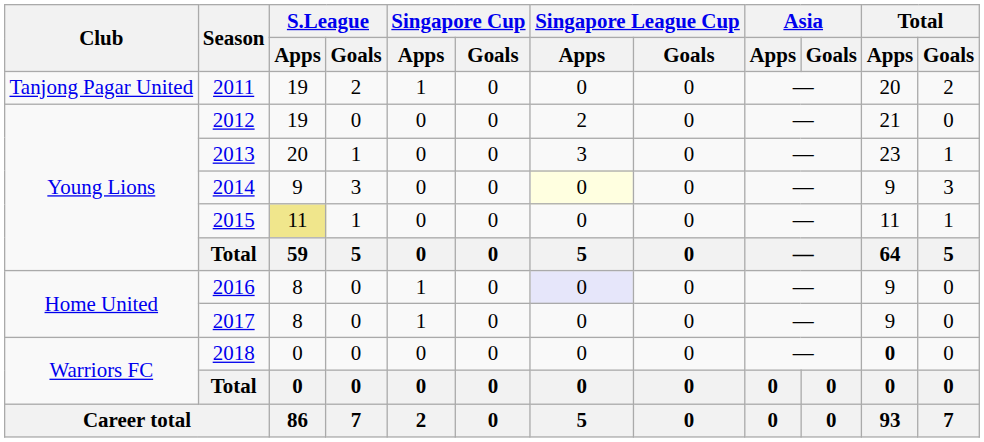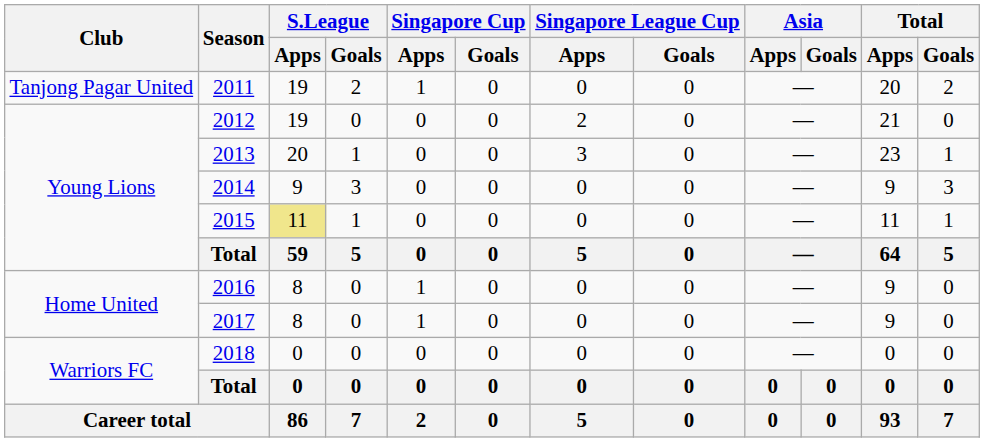 <table style="text-align:center" class="wikitable">
 <tr>
 <th rowspan="2">Club</th>
 <th rowspan="2">Season</th>
 <th colspan="2"><a href='#'>S.League</a></th>
 <th colspan="2"><a href='#'>Singapore Cup</a></th>
 <th colspan="2"><a href='#'>Singapore League Cup</a></th>
 <th colspan="2"><a href='#'>Asia</a></th>
 <th colspan="2">Total</th>
 </tr>
 <tr>
 <th>Apps</th>
 <th>Goals</th>
 <th>Apps</th>
 <th>Goals</th>
 <th>Apps</th>
 <th>Goals</th>
 <th>Apps</th>
 <th>Goals</th>
 <th>Apps</th>
 <th>Goals</th>
 </tr>
 <tr>
 <td><a href='#'>Tanjong Pagar United</a></td>
 <td><a href='#'>2011</a></td>
 <td>19</td>
 <td>2</td>
 <td>1</td>
 <td>0</td>
 <td>0</td>
 <td>0</td>
 <td colspan="2">—</td>
 <td>20</td>
 <td>2</td>
 </tr>
 <tr>
 <td rowspan="5"><a href='#'>Young Lions</a></td>
 <td><a href='#'>2012</a></td>
 <td>19</td>
 <td>0</td>
 <td>0</td>
 <td>0</td>
 <td>2</td>
 <td>0</td>
 <td colspan="2">—</td>
 <td>21</td>
 <td>0</td>
 </tr>
 <tr>
 <td><a href='#'>2013</a></td>
 <td>20</td>
 <td>1</td>
 <td>0</td>
 <td>0</td>
 <td>3</td>
 <td>0</td>
 <td colspan="2">—</td>
 <td>23</td>
 <td>1</td>
 </tr>
 <tr>
 <td><a href='#'>2014</a></td>
 <td>9</td>
 <td>3</td>
 <td>0</td>
 <td>0</td>
-<td style="background: lightyellow;">0</td>
+<td>0</td>
 <td>0</td>
 <td colspan="2">—</td>
 <td>9</td>
 <td>3</td>
 </tr>
 <tr>
 <td><a href='#'>2015</a></td>
 <td style="background: khaki;">11</td>
 <td>1</td>
 <td>0</td>
 <td>0</td>
 <td>0</td>
 <td>0</td>
 <td colspan="2">—</td>
 <td>11</td>
 <td>1</td>
 </tr>
 <tr>
 <th>Total</th>
 <th>59</th>
 <th>5</th>
 <th>0</th>
 <th>0</th>
 <th>5</th>
 <th>0</th>
 <th colspan="2">—</th>
 <th>64</th>
 <th>5</th>
 </tr>
 <tr>
 <td rowspan="2"><a href='#'>Home United</a></td>
 <td><a href='#'>2016</a></td>
 <td>8</td>
 <td>0</td>
 <td>1</td>
 <td>0</td>
-<td style="background: lavender;">0</td>
+<td>0</td>
 <td>0</td>
 <td colspan="2">—</td>
 <td>9</td>
 <td>0</td>
 </tr>
 <tr>
 <td><a href='#'>2017</a></td>
 <td>8</td>
 <td>0</td>
 <td>1</td>
 <td>0</td>
 <td>0</td>
 <td>0</td>
 <td colspan="2">—</td>
 <td>9</td>
 <td>0</td>
 </tr>
 <tr>
 <td rowspan="2"><a href='#'>Warriors FC</a></td>
 <td><a href='#'>2018</a></td>
 <td>0</td>
 <td>0</td>
 <td>0</td>
 <td>0</td>
 <td>0</td>
 <td>0</td>
 <td colspan='2'>—</td>
-<td><strong>0</strong></td>
+<td>0</td>
 <td>0</td>
 </tr>
 <tr>
 <th>Total</th>
 <th>0</th>
 <th>0</th>
 <th>0</th>
 <th>0</th>
 <th>0</th>
 <th>0</th>
 <th>0</th>
 <th>0</th>
 <th>0</th>
 <th>0</th>
 </tr>
 <tr>
 <th colspan="2">Career total</th>
 <th>86</th>
 <th>7</th>
 <th>2</th>
 <th>0</th>
 <th>5</th>
 <th>0</th>
 <th>0</th>
 <th>0</th>
 <th>93</th>
 <th>7</th>
 </tr>
 </table>
